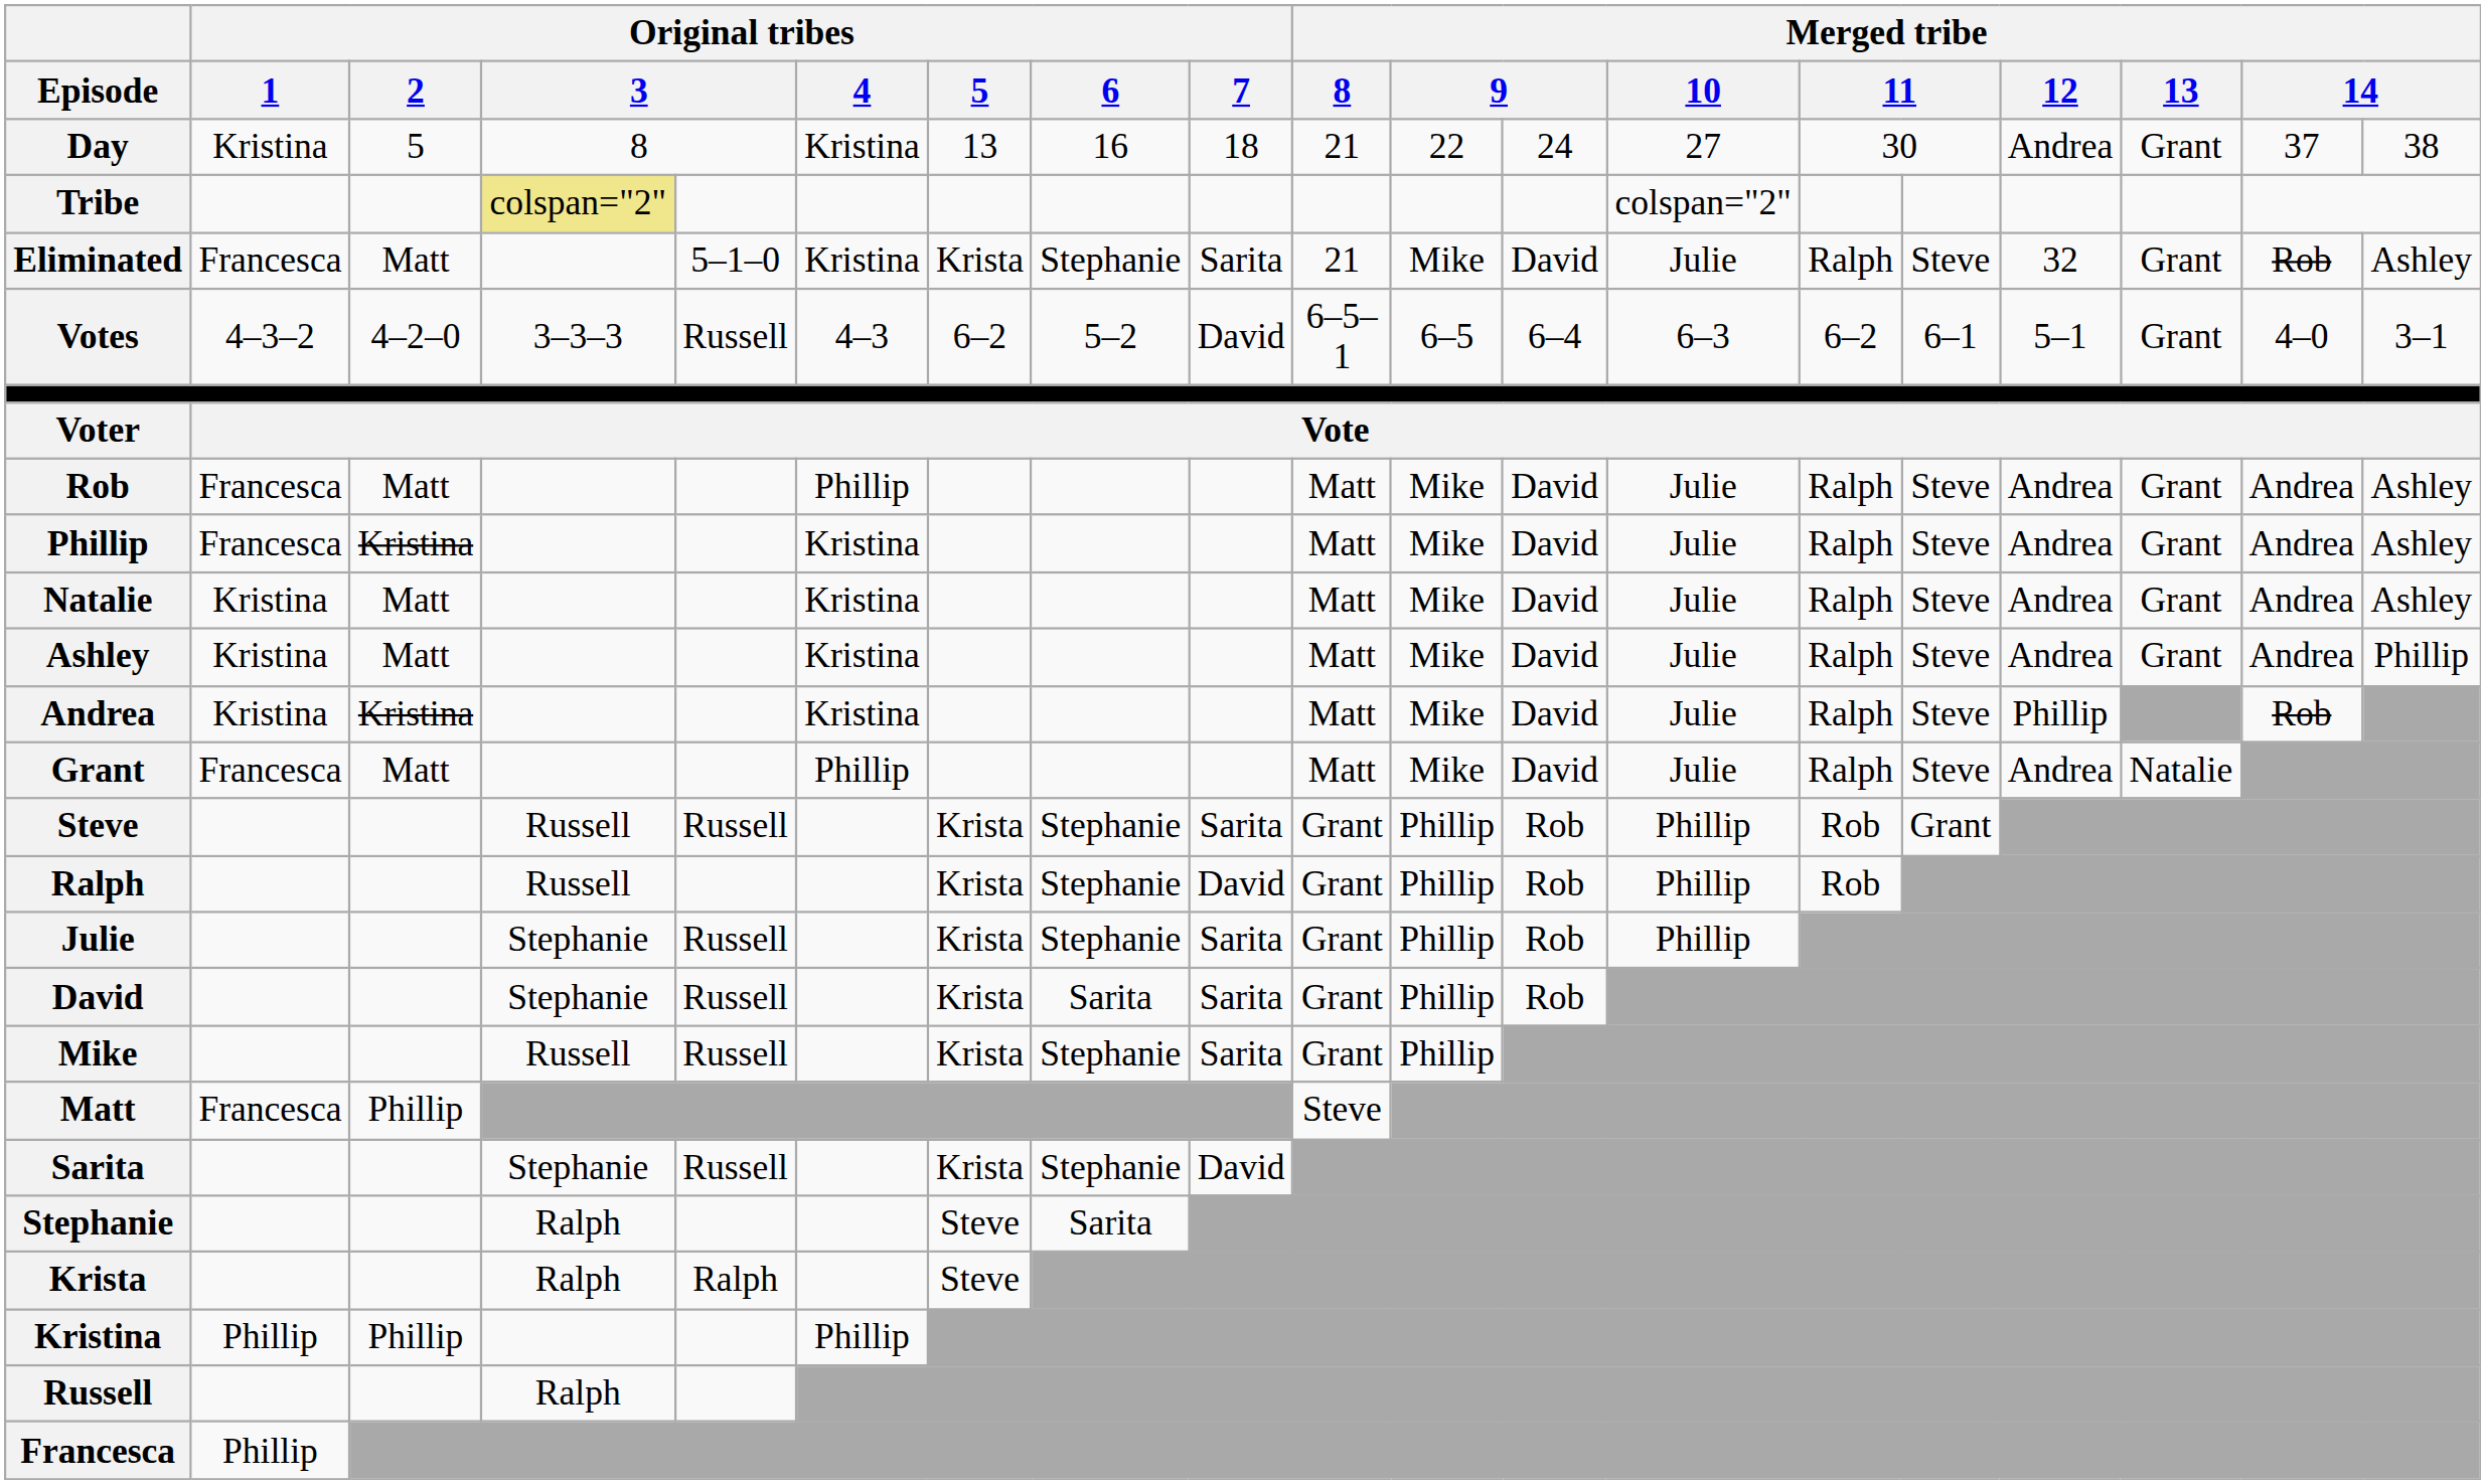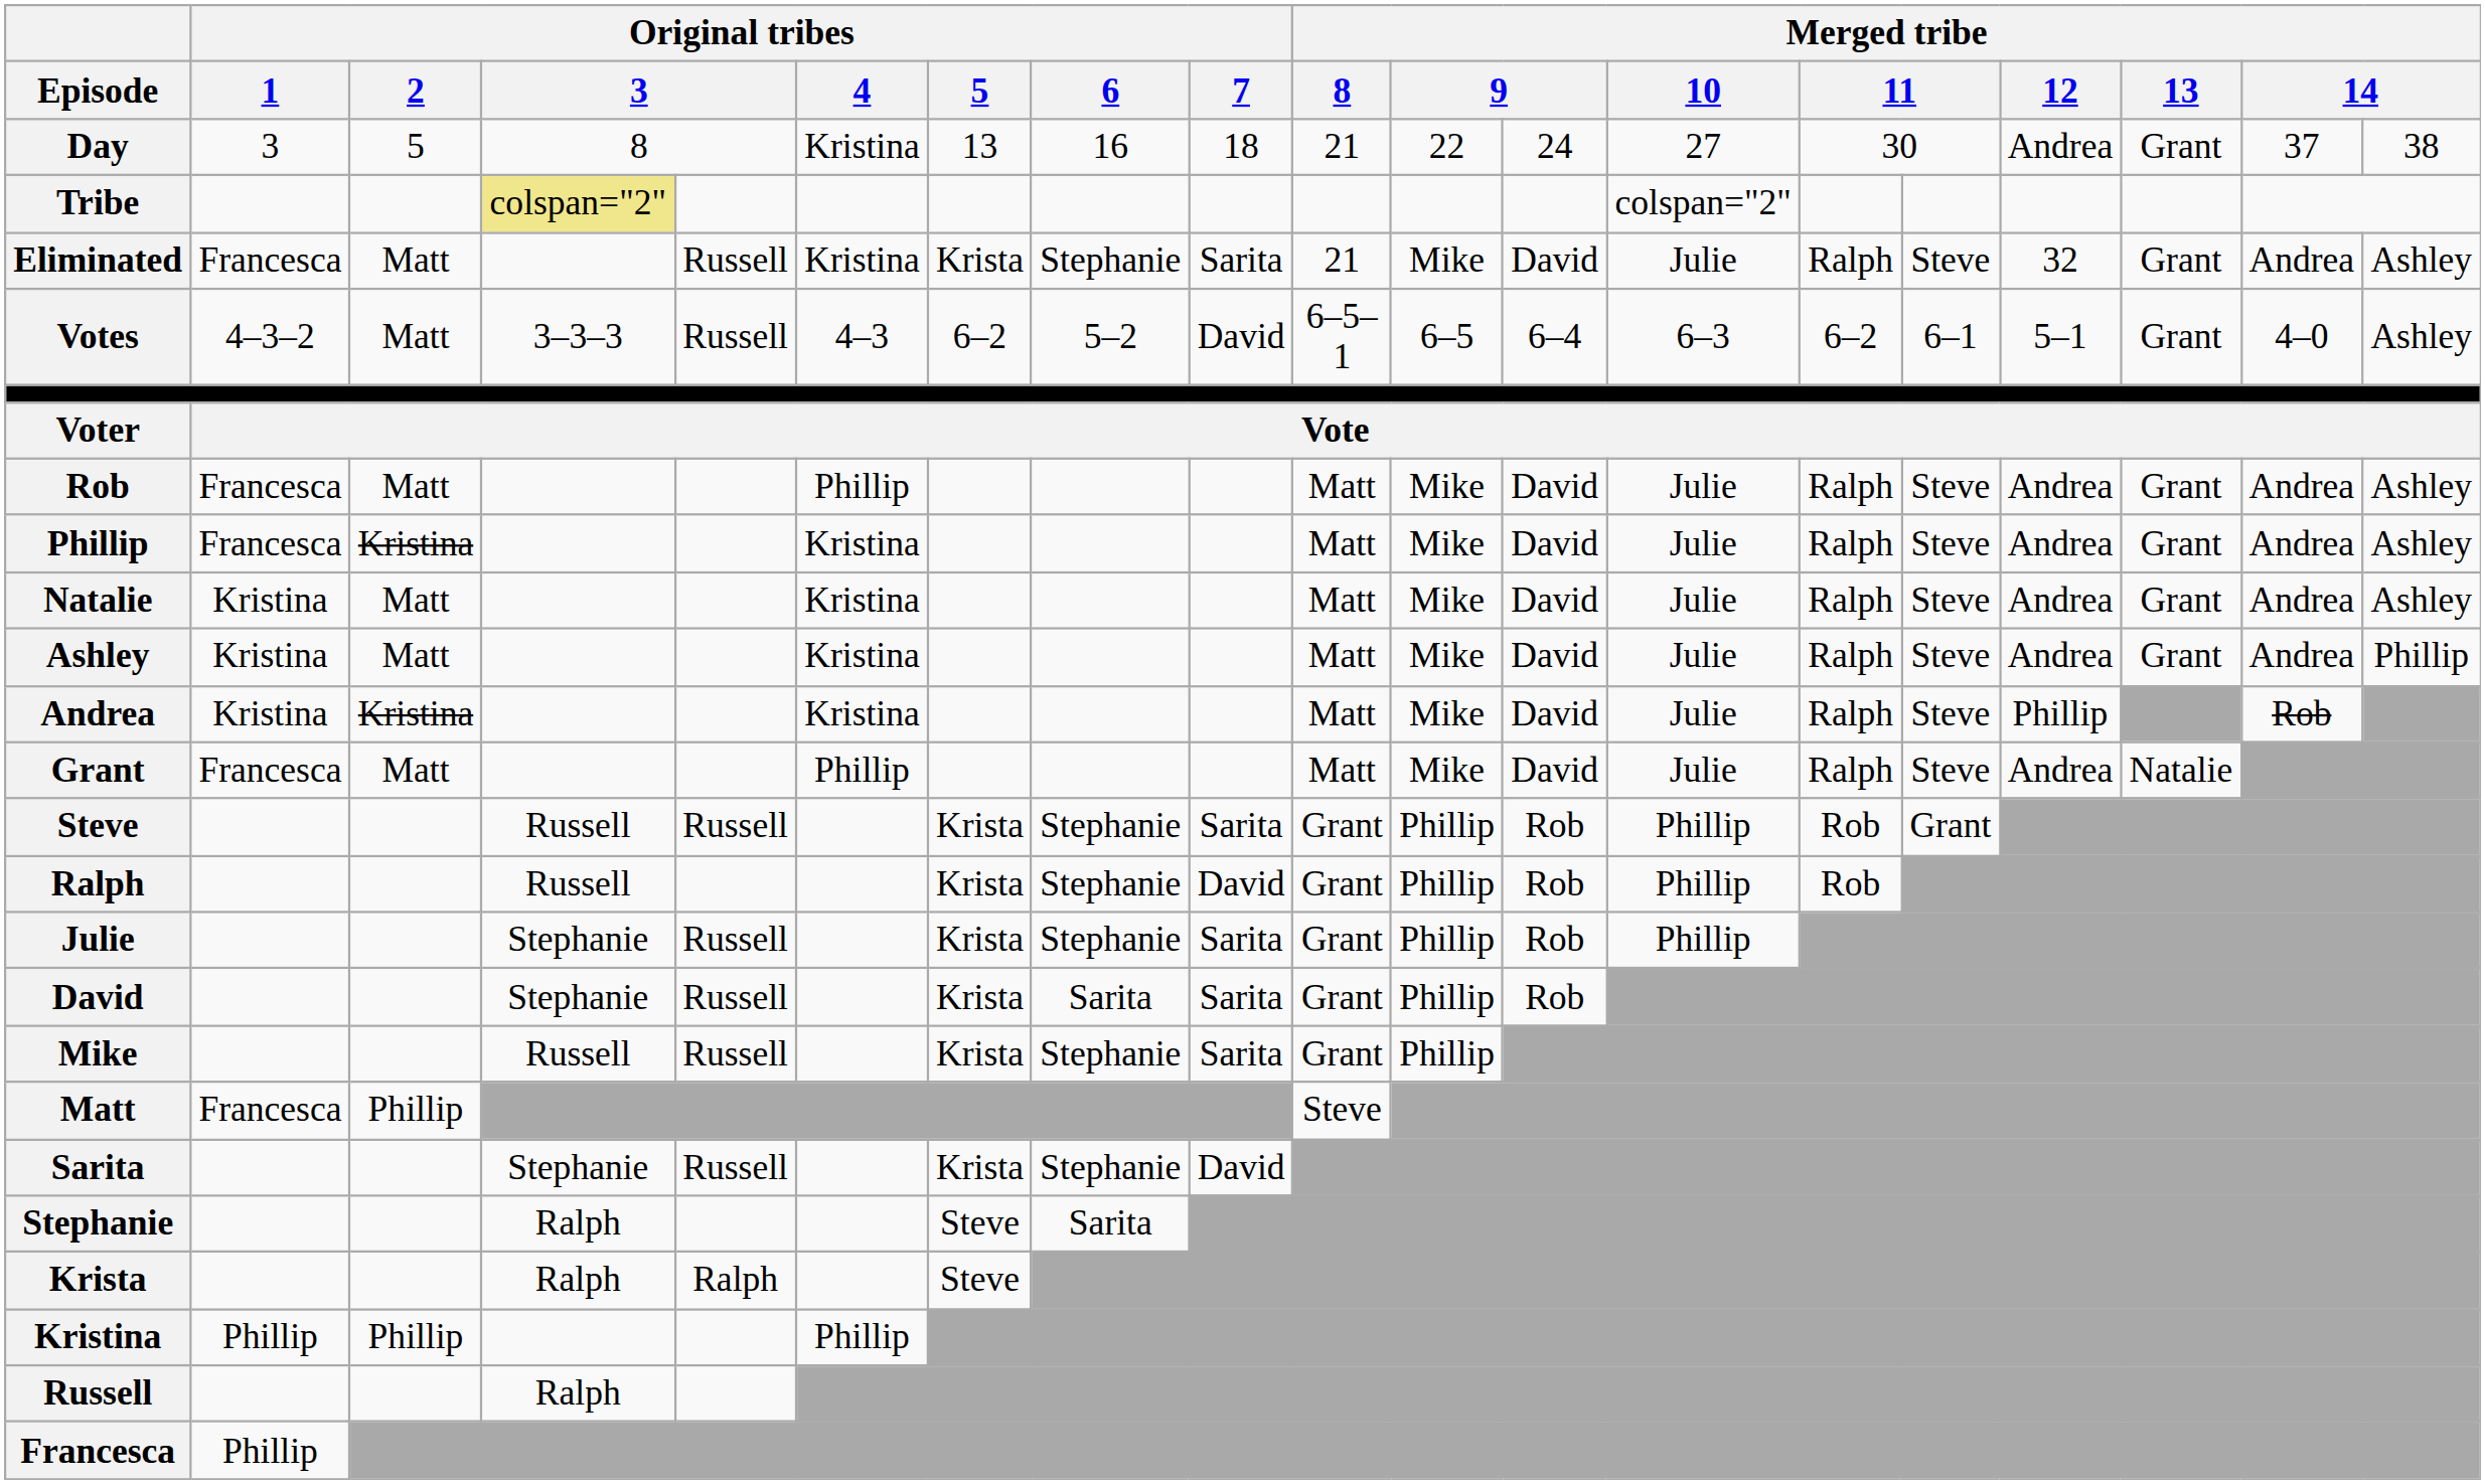 <table class="wikitable" style="text-align:center; width:100%">
 <tr>
 <th></th>
 <th colspan=8>Original tribes</th>
 <th colspan=10>Merged tribe</th>
 </tr>
 <tr>
 <th>Episode</th>
 <th><a href='#'>1</a></th>
 <th><a href='#'>2</a></th>
 <th colspan="2"><a href='#'>3</a></th>
 <th><a href='#'>4</a></th>
 <th><a href='#'>5</a></th>
 <th><a href='#'>6</a></th>
 <th><a href='#'>7</a></th>
 <th><a href='#'>8</a></th>
 <th colspan="2"><a href='#'>9</a></th>
 <th><a href='#'>10</a></th>
 <th colspan="2"><a href='#'>11</a></th>
 <th><a href='#'>12</a></th>
 <th><a href='#'>13</a></th>
 <th colspan="2"><a href='#'>14</a></th>
 </tr>
 <tr>
 <th>Day</th>
-<td>Kristina</td>
+<td>3</td>
 <td>5</td>
 <td colspan="2">8</td>
 <td>Kristina</td>
 <td>13</td>
 <td>16</td>
 <td>18</td>
 <td>21</td>
 <td>22</td>
 <td>24</td>
 <td>27</td>
 <td colspan="2">30</td>
 <td>Andrea</td>
 <td>Grant</td>
 <td>37</td>
 <td>38</td>
 </tr>
 <tr>
 <th>Tribe</th>
 <td></td>
 <td></td>
 <td style="background: khaki;">colspan="2" </td>
 <td></td>
 <td></td>
 <td></td>
 <td></td>
 <td></td>
 <td></td>
 <td></td>
 <td></td>
 <td>colspan="2" </td>
 <td></td>
 <td></td>
 <td></td>
 <td></td>
 </tr>
 <tr>
 <th>Eliminated</th>
 <td>Francesca</td>
 <td>Matt</td>
 <td></td>
-<td>5–1–0</td>
+<td>Russell</td>
 <td>Kristina</td>
 <td>Krista</td>
 <td>Stephanie</td>
 <td>Sarita</td>
 <td>21</td>
 <td>Mike</td>
 <td>David</td>
 <td>Julie</td>
 <td>Ralph</td>
 <td>Steve</td>
 <td>32</td>
 <td>Grant</td>
-<td><s>Rob</s></td>
+<td>Andrea</td>
 <td>Ashley</td>
 </tr>
 <tr>
 <th>Votes</th>
 <td>4–3–2</td>
-<td>4–2–0</td>
+<td>Matt</td>
 <td>3–3–3</td>
 <td>Russell</td>
 <td>4–3</td>
 <td>6–2</td>
 <td>5–2</td>
 <td>David</td>
 <td>6–5–1</td>
 <td>6–5</td>
 <td>6–4</td>
 <td>6–3</td>
 <td>6–2</td>
 <td>6–1</td>
 <td>5–1</td>
 <td>Grant</td>
 <td>4–0</td>
-<td>3–1</td>
+<td>Ashley</td>
 </tr>
 <tr>
 <td colspan=20 bgcolor="black"></td>
 </tr>
 <tr>
 <th>Voter</th>
 <th colspan="18">Vote</th>
 </tr>
 <tr>
 <th>Rob</th>
 <td>Francesca</td>
 <td>Matt</td>
 <td></td>
 <td></td>
 <td>Phillip</td>
 <td></td>
 <td></td>
 <td></td>
 <td>Matt</td>
 <td>Mike</td>
 <td>David</td>
 <td>Julie</td>
 <td>Ralph</td>
 <td>Steve</td>
 <td>Andrea</td>
 <td>Grant</td>
 <td>Andrea</td>
 <td>Ashley</td>
 </tr>
 <tr>
 <th>Phillip</th>
 <td>Francesca</td>
 <td><s>Kristina</s></td>
 <td></td>
 <td></td>
 <td>Kristina</td>
 <td></td>
 <td></td>
 <td></td>
 <td>Matt</td>
 <td>Mike</td>
 <td>David</td>
 <td>Julie</td>
 <td>Ralph</td>
 <td>Steve</td>
 <td>Andrea</td>
 <td>Grant</td>
 <td>Andrea</td>
 <td>Ashley</td>
 </tr>
 <tr>
 <th>Natalie</th>
 <td>Kristina</td>
 <td>Matt</td>
 <td></td>
 <td></td>
 <td>Kristina</td>
 <td></td>
 <td></td>
 <td></td>
 <td>Matt</td>
 <td>Mike</td>
 <td>David</td>
 <td>Julie</td>
 <td>Ralph</td>
 <td>Steve</td>
 <td>Andrea</td>
 <td>Grant</td>
 <td>Andrea</td>
 <td>Ashley</td>
 </tr>
 <tr>
 <th>Ashley</th>
 <td>Kristina</td>
 <td>Matt</td>
 <td></td>
 <td></td>
 <td>Kristina</td>
 <td></td>
 <td></td>
 <td></td>
 <td>Matt</td>
 <td>Mike</td>
 <td>David</td>
 <td>Julie</td>
 <td>Ralph</td>
 <td>Steve</td>
 <td>Andrea</td>
 <td>Grant</td>
 <td>Andrea</td>
 <td>Phillip</td>
 </tr>
 <tr>
 <th>Andrea</th>
 <td>Kristina</td>
 <td><s>Kristina</s></td>
 <td></td>
 <td></td>
 <td>Kristina</td>
 <td></td>
 <td></td>
 <td></td>
 <td>Matt</td>
 <td>Mike</td>
 <td>David</td>
 <td>Julie</td>
 <td>Ralph</td>
 <td>Steve</td>
 <td>Phillip</td>
 <td bgcolor="darkgray" rowspan="1"></td>
 <td><s>Rob</s></td>
 <td bgcolor="darkgray" rowspan="1"></td>
 </tr>
 <tr>
 <th>Grant</th>
 <td>Francesca</td>
 <td>Matt</td>
 <td></td>
 <td></td>
 <td>Phillip</td>
 <td></td>
 <td></td>
 <td></td>
 <td>Matt</td>
 <td>Mike</td>
 <td>David</td>
 <td>Julie</td>
 <td>Ralph</td>
 <td>Steve</td>
 <td>Andrea</td>
 <td>Natalie</td>
 <td colspan="2" bgcolor="darkgray"></td>
 </tr>
 <tr>
 <th>Steve</th>
 <td></td>
 <td></td>
 <td>Russell</td>
 <td>Russell</td>
 <td></td>
 <td>Krista</td>
 <td>Stephanie</td>
 <td>Sarita</td>
 <td>Grant</td>
 <td>Phillip</td>
 <td>Rob</td>
 <td>Phillip</td>
 <td>Rob</td>
 <td>Grant</td>
 <td colspan="4" bgcolor="darkgray"></td>
 </tr>
 <tr>
 <th>Ralph</th>
 <td></td>
 <td></td>
 <td>Russell</td>
 <td></td>
 <td></td>
 <td>Krista</td>
 <td>Stephanie</td>
 <td>David</td>
 <td>Grant</td>
 <td>Phillip</td>
 <td>Rob</td>
 <td>Phillip</td>
 <td>Rob</td>
 <td colspan="5" bgcolor="darkgray"></td>
 </tr>
 <tr>
 <th>Julie</th>
 <td></td>
 <td></td>
 <td>Stephanie</td>
 <td>Russell</td>
 <td></td>
 <td>Krista</td>
 <td>Stephanie</td>
 <td>Sarita</td>
 <td>Grant</td>
 <td>Phillip</td>
 <td>Rob</td>
 <td>Phillip</td>
 <td colspan="6" bgcolor="darkgray"></td>
 </tr>
 <tr>
 <th>David</th>
 <td></td>
 <td></td>
 <td>Stephanie</td>
 <td>Russell</td>
 <td></td>
 <td>Krista</td>
 <td>Sarita</td>
 <td>Sarita</td>
 <td>Grant</td>
 <td>Phillip</td>
 <td>Rob</td>
 <td colspan="7" bgcolor="darkgray"></td>
 </tr>
 <tr>
 <th>Mike</th>
 <td></td>
 <td></td>
 <td>Russell</td>
 <td>Russell</td>
 <td></td>
 <td>Krista</td>
 <td>Stephanie</td>
 <td>Sarita</td>
 <td>Grant</td>
 <td>Phillip</td>
 <td colspan="8" bgcolor="darkgray"></td>
 </tr>
 <tr>
 <th>Matt</th>
 <td>Francesca</td>
 <td>Phillip</td>
 <td colspan="6" bgcolor="darkgray"></td>
 <td>Steve</td>
 <td colspan="9" bgcolor="darkgray"></td>
 </tr>
 <tr>
 <th>Sarita</th>
 <td></td>
 <td></td>
 <td>Stephanie</td>
 <td>Russell</td>
 <td></td>
 <td>Krista</td>
 <td>Stephanie</td>
 <td>David</td>
 <td colspan=10 bgcolor="darkgray"></td>
 </tr>
 <tr>
 <th>Stephanie</th>
 <td></td>
 <td></td>
 <td>Ralph</td>
 <td></td>
 <td></td>
 <td>Steve</td>
 <td>Sarita</td>
 <td colspan=11 bgcolor="darkgray"></td>
 </tr>
 <tr>
 <th>Krista</th>
 <td></td>
 <td></td>
 <td>Ralph</td>
 <td>Ralph</td>
 <td></td>
 <td>Steve</td>
 <td colspan="12" bgcolor="darkgray"></td>
 </tr>
 <tr>
 <th>Kristina</th>
 <td>Phillip</td>
 <td>Phillip</td>
 <td></td>
 <td></td>
 <td>Phillip</td>
 <td colspan="13" bgcolor="darkgray"></td>
 </tr>
 <tr>
 <th>Russell</th>
 <td></td>
 <td></td>
 <td>Ralph</td>
 <td></td>
 <td colspan="14" bgcolor="darkgray"></td>
 </tr>
 <tr>
 <th>Francesca</th>
 <td>Phillip</td>
 <td colspan="17" bgcolor="darkgray"></td>
 </tr>
 </table>
